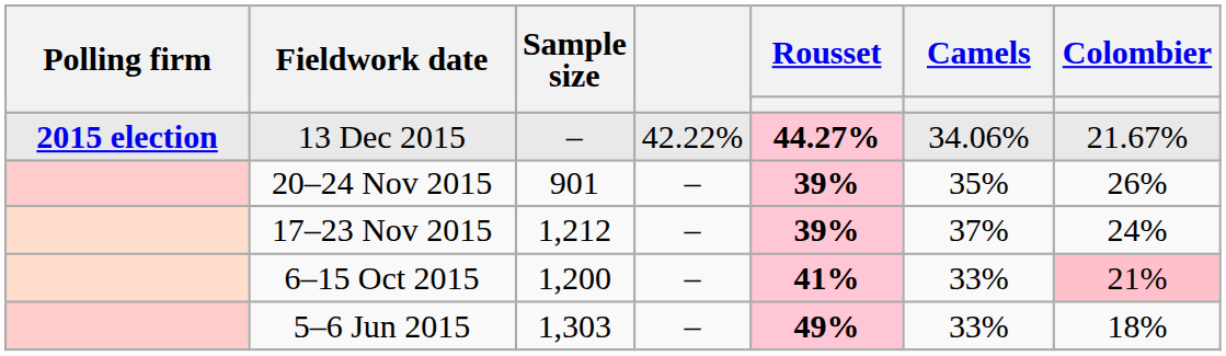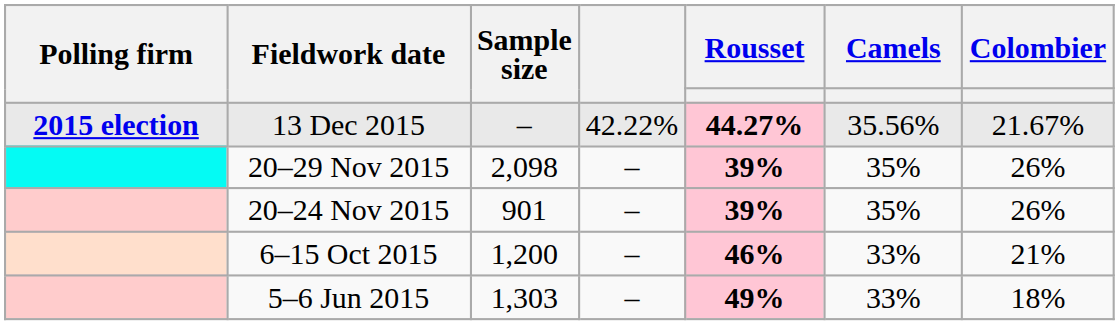 <table class="wikitable sortable" style="text-align:center;font-size:90%;line-height:14px;">
 <tr style="height:40px;">
 <th style="width:100px;" rowspan="2">Polling firm</th>
 <th style="width:110px;" rowspan="2">Fieldwork date</th>
 <th style="width:35px;" rowspan="2">Sample<br>size</th>
 <th style="width:30px;" rowspan="2"></th>
 <th class="unsortable" style="width:60px;"><a href='#'>Rousset</a><br></th>
 <th class="unsortable" style="width:60px;"><a href='#'>Camels</a><br></th>
 <th class="unsortable" style="width:60px;"><a href='#'>Colombier</a><br></th>
 </tr>
 <tr>
 <th style="background:"></th>
 <th style="background:"></th>
 <th style="background:"></th>
 </tr>
 <tr style="background:#E9E9E9;">
 <td><strong><a href='#'>2015 election</a></strong></td>
 <td data-sort-value="2015-12-13">13 Dec 2015</td>
 <td>–</td>
 <td>42.22%</td>
 <td style="background:#FFC6D5;"><strong>44.27%</strong></td>
-<td>34.06%</td>
+<td>35.56%</td>
 <td>21.67%</td>
+</tr>
+<tr>
+<td style="background:#04FBF4;"></td>
+<td data-sort-value="2015-11-29">20–29 Nov 2015</td>
+<td>2,098</td>
+<td>–</td>
+<td style="background:#FFC6D5;"><strong>39%</strong></td>
+<td>35%</td>
+<td>26%</td>
 </tr>
 <tr>
 <td style="background:#FFCCCC;"></td>
 <td data-sort-value="2015-11-24">20–24 Nov 2015</td>
 <td>901</td>
 <td>–</td>
 <td style="background:#FFC6D5;"><strong>39%</strong></td>
 <td>35%</td>
 <td>26%</td>
 </tr>
 <tr>
 <td style="background:#FFDFCC;"></td>
-<td data-sort-value="2015-11-23">17–23 Nov 2015</td>
-<td>1,212</td>
-<td>–</td>
-<td style="background:#FFC6D5;"><strong>39%</strong></td>
-<td>37%</td>
-<td>24%</td>
-</tr>
-<tr>
-<td style="background:#FFDFCC;"></td>
 <td data-sort-value="2015-10-15">6–15 Oct 2015</td>
 <td>1,200</td>
 <td>–</td>
-<td style="background:#FFC6D5;"><strong>41%</strong></td>
+<td style="background:#FFC6D5;"><strong>46%</strong></td>
 <td>33%</td>
-<td style="background: pink;">21%</td>
+<td>21%</td>
 </tr>
 <tr>
 <td style="background:#FFCCCC;"></td>
 <td data-sort-value="2015-06-06">5–6 Jun 2015</td>
 <td>1,303</td>
 <td>–</td>
 <td style="background:#FFC6D5;"><strong>49%</strong></td>
 <td>33%</td>
 <td>18%</td>
 </tr>
 </table>
